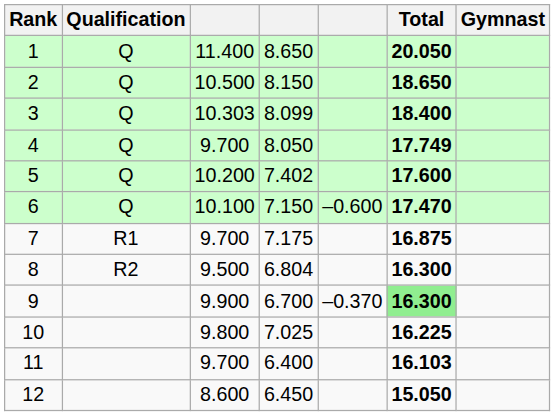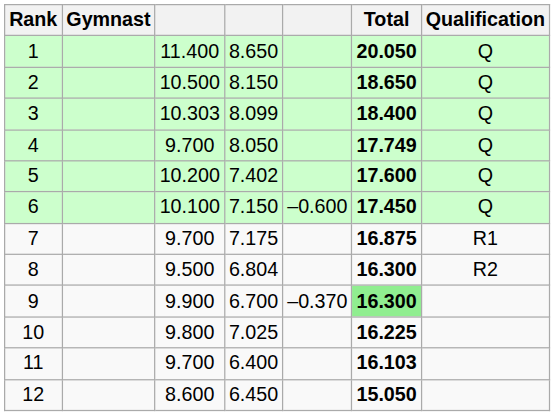 <table class="wikitable sortable" style="text-align:center">
 <tr>
 <th>Rank</th>
-<th>Qualification</th>
+<th>Gymnast</th>
 <th><small></small></th>
 <th><small></small></th>
 <th><small></small></th>
 <th>Total</th>
-<th>Gymnast</th>
+<th>Qualification</th>
 </tr>
 <tr bgcolor=ccffcc>
 <td>1</td>
-<td>Q</td>
+<td align=left></td>
 <td>11.400</td>
 <td>8.650</td>
 <td></td>
 <td><strong>20.050</strong></td>
-<td align=left></td>
+<td>Q</td>
 </tr>
 <tr bgcolor=ccffcc>
 <td>2</td>
-<td>Q</td>
+<td align=left></td>
 <td>10.500</td>
 <td>8.150</td>
 <td></td>
 <td><strong>18.650</strong></td>
-<td align=left></td>
+<td>Q</td>
 </tr>
 <tr bgcolor=ccffcc>
 <td>3</td>
-<td>Q</td>
+<td align=left></td>
 <td>10.303</td>
 <td>8.099</td>
 <td></td>
 <td><strong>18.400</strong></td>
-<td align=left></td>
+<td>Q</td>
 </tr>
 <tr bgcolor=ccffcc>
 <td>4</td>
-<td>Q</td>
+<td align=left></td>
 <td>9.700</td>
 <td>8.050</td>
 <td></td>
 <td><strong>17.749</strong></td>
-<td align=left></td>
+<td>Q</td>
 </tr>
 <tr bgcolor=ccffcc>
 <td>5</td>
-<td>Q</td>
+<td align=left></td>
 <td>10.200</td>
 <td>7.402</td>
 <td></td>
 <td><strong>17.600</strong></td>
-<td align=left></td>
+<td>Q</td>
 </tr>
 <tr bgcolor=ccffcc>
 <td>6</td>
-<td>Q</td>
+<td align=left></td>
 <td>10.100</td>
 <td>7.150</td>
 <td>–0.600</td>
-<td><strong>17.470</strong></td>
-<td align=left></td>
+<td><strong>17.450</strong></td>
+<td>Q</td>
 </tr>
 <tr>
 <td>7</td>
-<td>R1</td>
+<td align=left></td>
 <td>9.700</td>
 <td>7.175</td>
 <td></td>
 <td><strong>16.875</strong></td>
-<td align=left></td>
+<td>R1</td>
 </tr>
 <tr>
 <td>8</td>
-<td>R2</td>
+<td align=left></td>
 <td>9.500</td>
 <td>6.804</td>
 <td></td>
 <td><strong>16.300</strong></td>
-<td align=left></td>
+<td>R2</td>
 </tr>
 <tr>
 <td>9</td>
-<td></td>
+<td align=left></td>
 <td>9.900</td>
 <td>6.700</td>
 <td>–0.370</td>
 <td style="background: lightgreen;"><strong>16.300</strong></td>
-<td align=left></td>
+<td></td>
 </tr>
 <tr>
 <td>10</td>
-<td></td>
+<td align=left></td>
 <td>9.800</td>
 <td>7.025</td>
 <td></td>
 <td><strong>16.225</strong></td>
-<td align=left></td>
+<td></td>
 </tr>
 <tr>
 <td>11</td>
-<td></td>
+<td align=left></td>
 <td>9.700</td>
 <td>6.400</td>
 <td></td>
 <td><strong>16.103</strong></td>
-<td align=left></td>
+<td></td>
 </tr>
 <tr>
 <td>12</td>
-<td></td>
+<td align=left></td>
 <td>8.600</td>
 <td>6.450</td>
 <td></td>
 <td><strong>15.050</strong></td>
-<td align=left></td>
+<td></td>
 </tr>
 </table>
